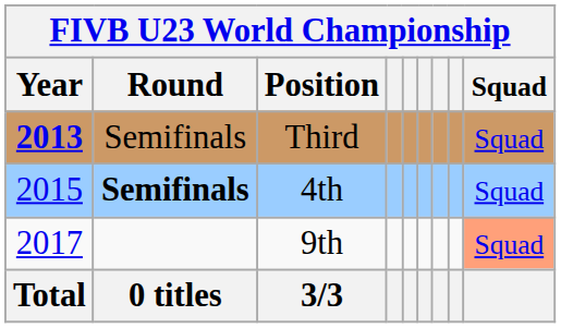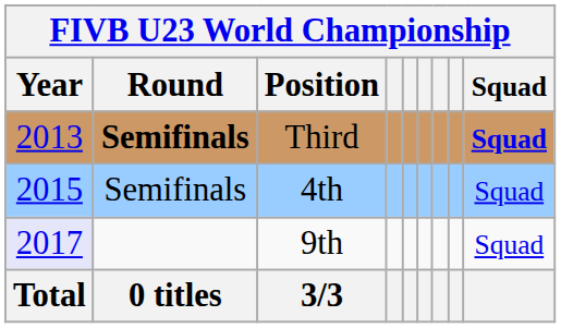 <table class="wikitable" style="text-align: center;">
 <tr>
 <th colspan=9><a href='#'>FIVB U23 World Championship</a>  </th>
 </tr>
 <tr>
 <th>Year</th>
 <th>Round</th>
 <th>Position</th>
 <th></th>
 <th></th>
 <th></th>
 <th></th>
 <th></th>
 <th><small>Squad</small></th>
 </tr>
 <tr bgcolor=cc9966>
-<td><strong> <a href='#'>2013</a></strong></td>
-<td>Semifinals</td>
+<td> <a href='#'>2013</a></td>
+<td><strong>Semifinals</strong></td>
 <td>Third</td>
 <td></td>
 <td></td>
 <td></td>
 <td></td>
 <td></td>
-<td><small><a href='#'>Squad</a></small></td>
+<td><strong><small><a href='#'>Squad</a></small></strong></td>
 </tr>
 <tr bgcolor=9acdff>
 <td> <a href='#'>2015</a></td>
-<td><strong>Semifinals</strong></td>
+<td>Semifinals</td>
 <td>4th</td>
 <td></td>
 <td></td>
 <td></td>
 <td></td>
 <td></td>
 <td><small><a href='#'>Squad</a></small></td>
 </tr>
 <tr>
-<td> <a href='#'>2017</a></td>
+<td style="background: lavender;"> <a href='#'>2017</a></td>
 <td></td>
 <td>9th</td>
 <td></td>
 <td></td>
 <td></td>
 <td></td>
 <td></td>
-<td style="background: lightsalmon;"><small><a href='#'>Squad</a></small></td>
+<td><small><a href='#'>Squad</a></small></td>
 </tr>
 <tr>
 <th>Total</th>
 <th>0 titles</th>
 <th>3/3</th>
 <th></th>
 <th></th>
 <th></th>
 <th></th>
 <th></th>
 <th></th>
 </tr>
 </table>
